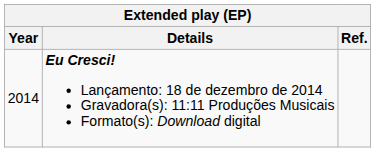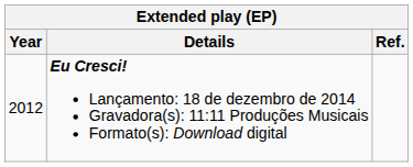 <table class="wikitable">
 <tr>
 <th colspan="3">Extended play (EP)</th>
 </tr>
 <tr>
 <th>Year</th>
 <th>Details</th>
 <th>Ref.</th>
 </tr>
 <tr>
-<td>2014</td>
+<td>2012</td>
 <td><strong><em>Eu Cresci!</em></strong><br><ul><li>Lançamento: 18 de dezembro de 2014</li><li>Gravadora(s): 11:11 Produções Musicais</li><li>Formato(s): <em>Download</em> digital</li></ul></td>
 <td></td>
 </tr>
 </table>
